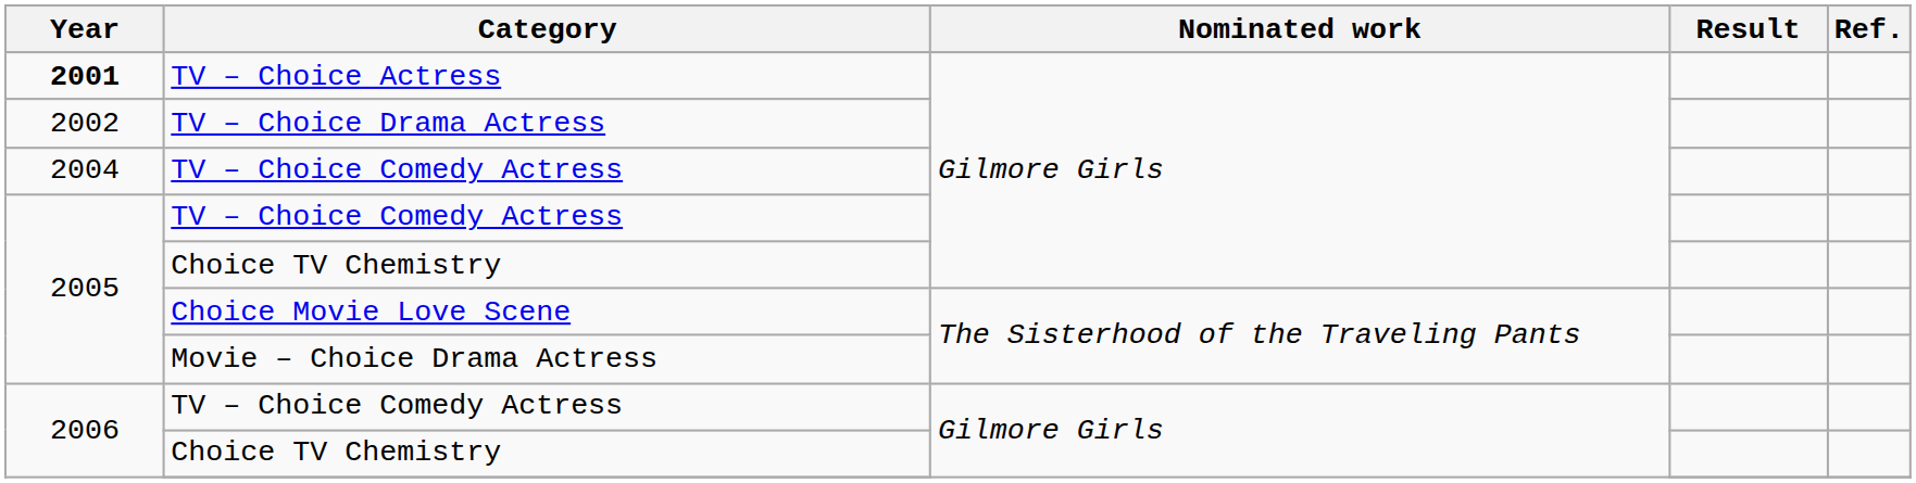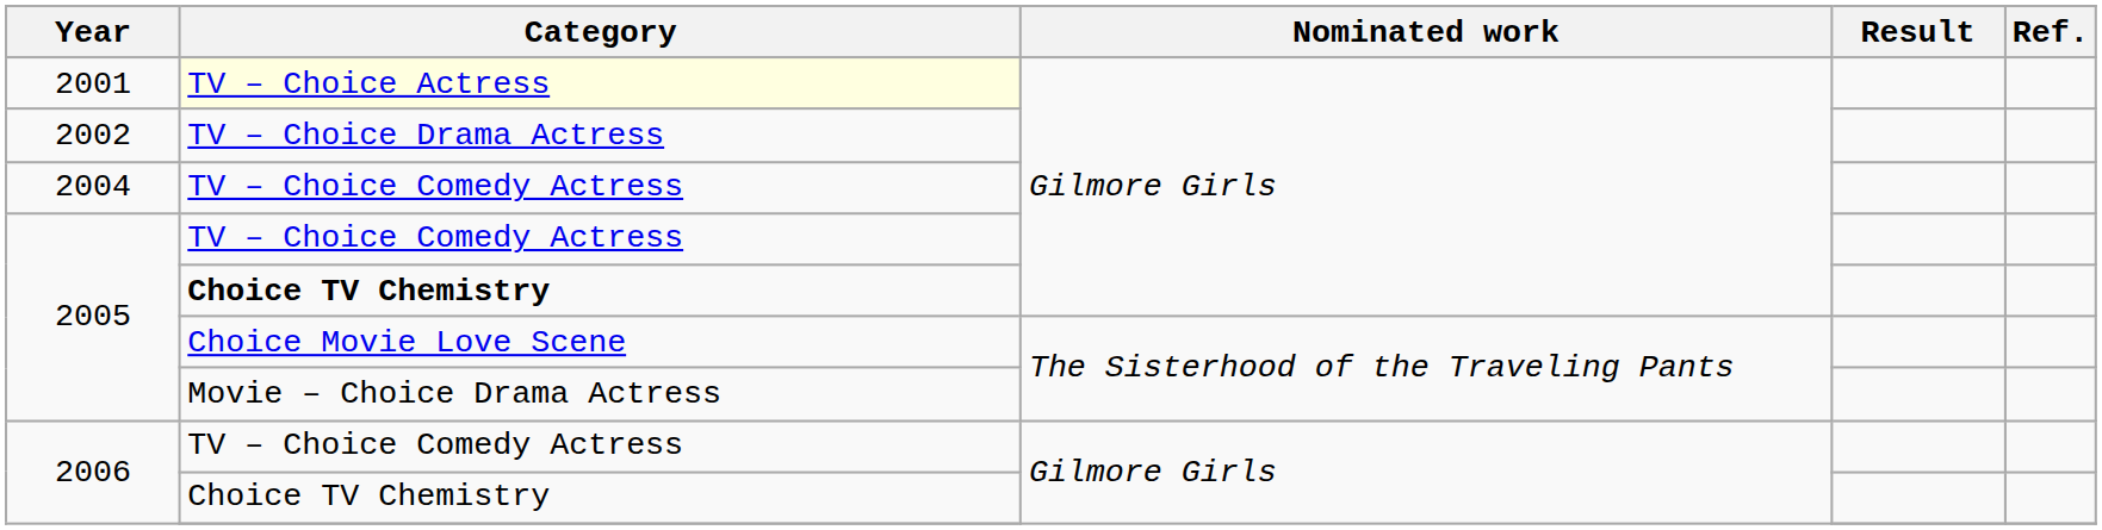 <table class=wikitable>
 <tr>
 <th scope="col" style="width:5em;">Year</th>
 <th scope="col" style="width:26em;">Category</th>
 <th scope="col" style="width:25em;">Nominated work</th>
 <th scope="col" style="width:5em;">Result</th>
 <th>Ref.</th>
 </tr>
 <tr>
-<td style="text-align:center;"><strong>2001</strong></td>
-<td><a href='#'>TV – Choice Actress</a></td>
+<td style="text-align:center;">2001</td>
+<td style="background: lightyellow;"><a href='#'>TV – Choice Actress</a></td>
 <td rowspan=5><em>Gilmore Girls</em></td>
 <td></td>
 <td style="text-align:center;"></td>
 </tr>
 <tr>
 <td style="text-align:center;">2002</td>
 <td><a href='#'>TV – Choice Drama Actress</a></td>
 <td></td>
 <td style="text-align:center;"></td>
 </tr>
 <tr>
 <td style="text-align:center;">2004</td>
 <td><a href='#'>TV – Choice Comedy Actress</a></td>
 <td></td>
 <td style="text-align:center;"></td>
 </tr>
 <tr>
 <td style="text-align:center;", rowspan="4">2005</td>
 <td><a href='#'>TV – Choice Comedy Actress</a></td>
 <td></td>
 <td style="text-align:center;"></td>
 </tr>
 <tr>
-<td>Choice TV Chemistry</td>
+<td><strong>Choice TV Chemistry</strong></td>
 <td></td>
 <td style="text-align:center;"></td>
 </tr>
 <tr>
 <td><a href='#'>Choice Movie Love Scene</a></td>
 <td rowspan="2"><em>The Sisterhood of the Traveling Pants</em></td>
 <td></td>
 <td style="text-align:center;"></td>
 </tr>
 <tr>
 <td>Movie – Choice Drama Actress</td>
 <td></td>
 <td style="text-align:center;"></td>
 </tr>
 <tr>
 <td style="text-align:center;", rowspan="4">2006</td>
 <td>TV – Choice Comedy Actress</td>
 <td rowspan="3"><em>Gilmore Girls</em></td>
 <td></td>
 <td style="text-align:center;"></td>
 </tr>
 <tr>
 <td>Choice TV Chemistry</td>
 <td></td>
 <td style="text-align:center;"></td>
 </tr>
 <tr>
 </tr>
 </table>
